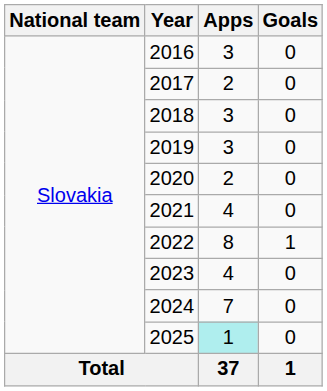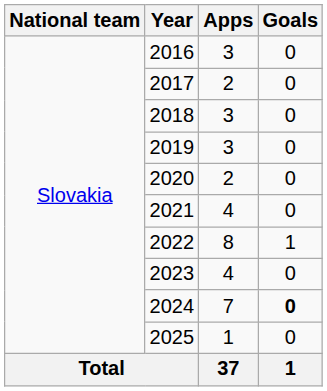 <table class="wikitable" style="text-align:center">
 <tr>
 <th>National team</th>
 <th>Year</th>
 <th>Apps</th>
 <th>Goals</th>
 </tr>
 <tr>
 <td rowspan="10"><a href='#'>Slovakia</a></td>
 <td>2016</td>
 <td>3</td>
 <td>0</td>
 </tr>
 <tr>
 <td>2017</td>
 <td>2</td>
 <td>0</td>
 </tr>
 <tr>
 <td>2018</td>
 <td>3</td>
 <td>0</td>
 </tr>
 <tr>
 <td>2019</td>
 <td>3</td>
 <td>0</td>
 </tr>
 <tr>
 <td>2020</td>
 <td>2</td>
 <td>0</td>
 </tr>
 <tr>
 <td>2021</td>
 <td>4</td>
 <td>0</td>
 </tr>
 <tr>
 <td>2022</td>
 <td>8</td>
 <td>1</td>
 </tr>
 <tr>
 <td>2023</td>
 <td>4</td>
 <td>0</td>
 </tr>
 <tr>
 <td>2024</td>
 <td>7</td>
-<td>0</td>
+<td><strong>0</strong></td>
 </tr>
 <tr>
 <td>2025</td>
-<td style="background: paleturquoise;">1</td>
+<td>1</td>
 <td>0</td>
 </tr>
 <tr>
 <th colspan="2">Total</th>
 <th>37</th>
 <th>1</th>
 </tr>
 </table>
